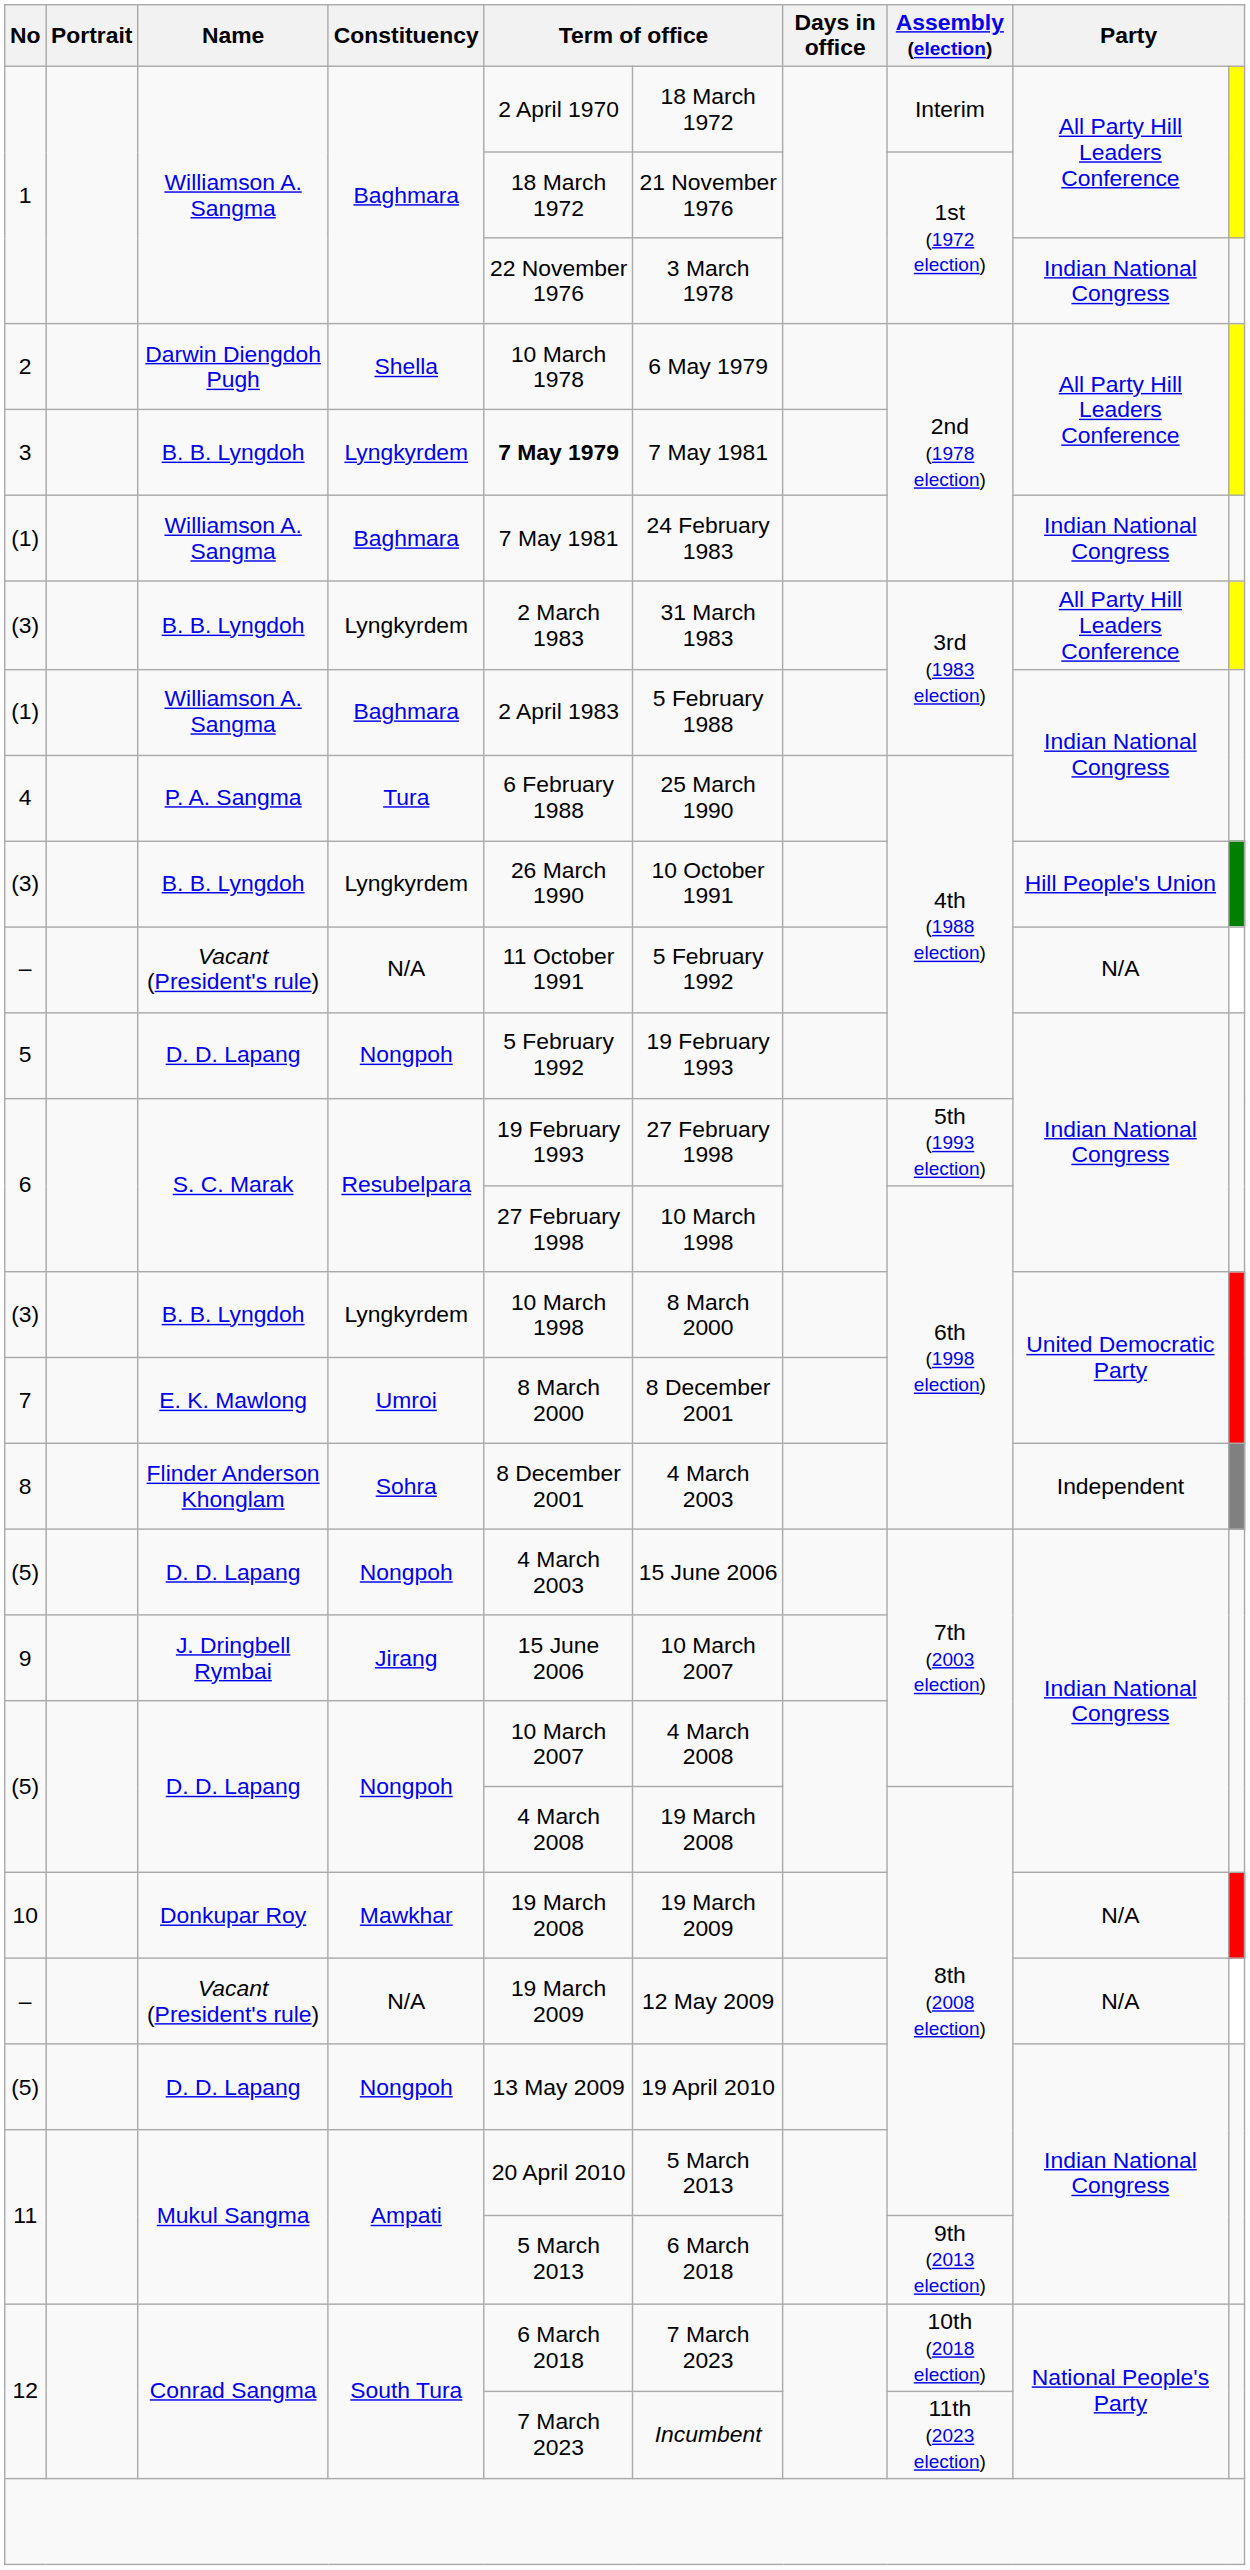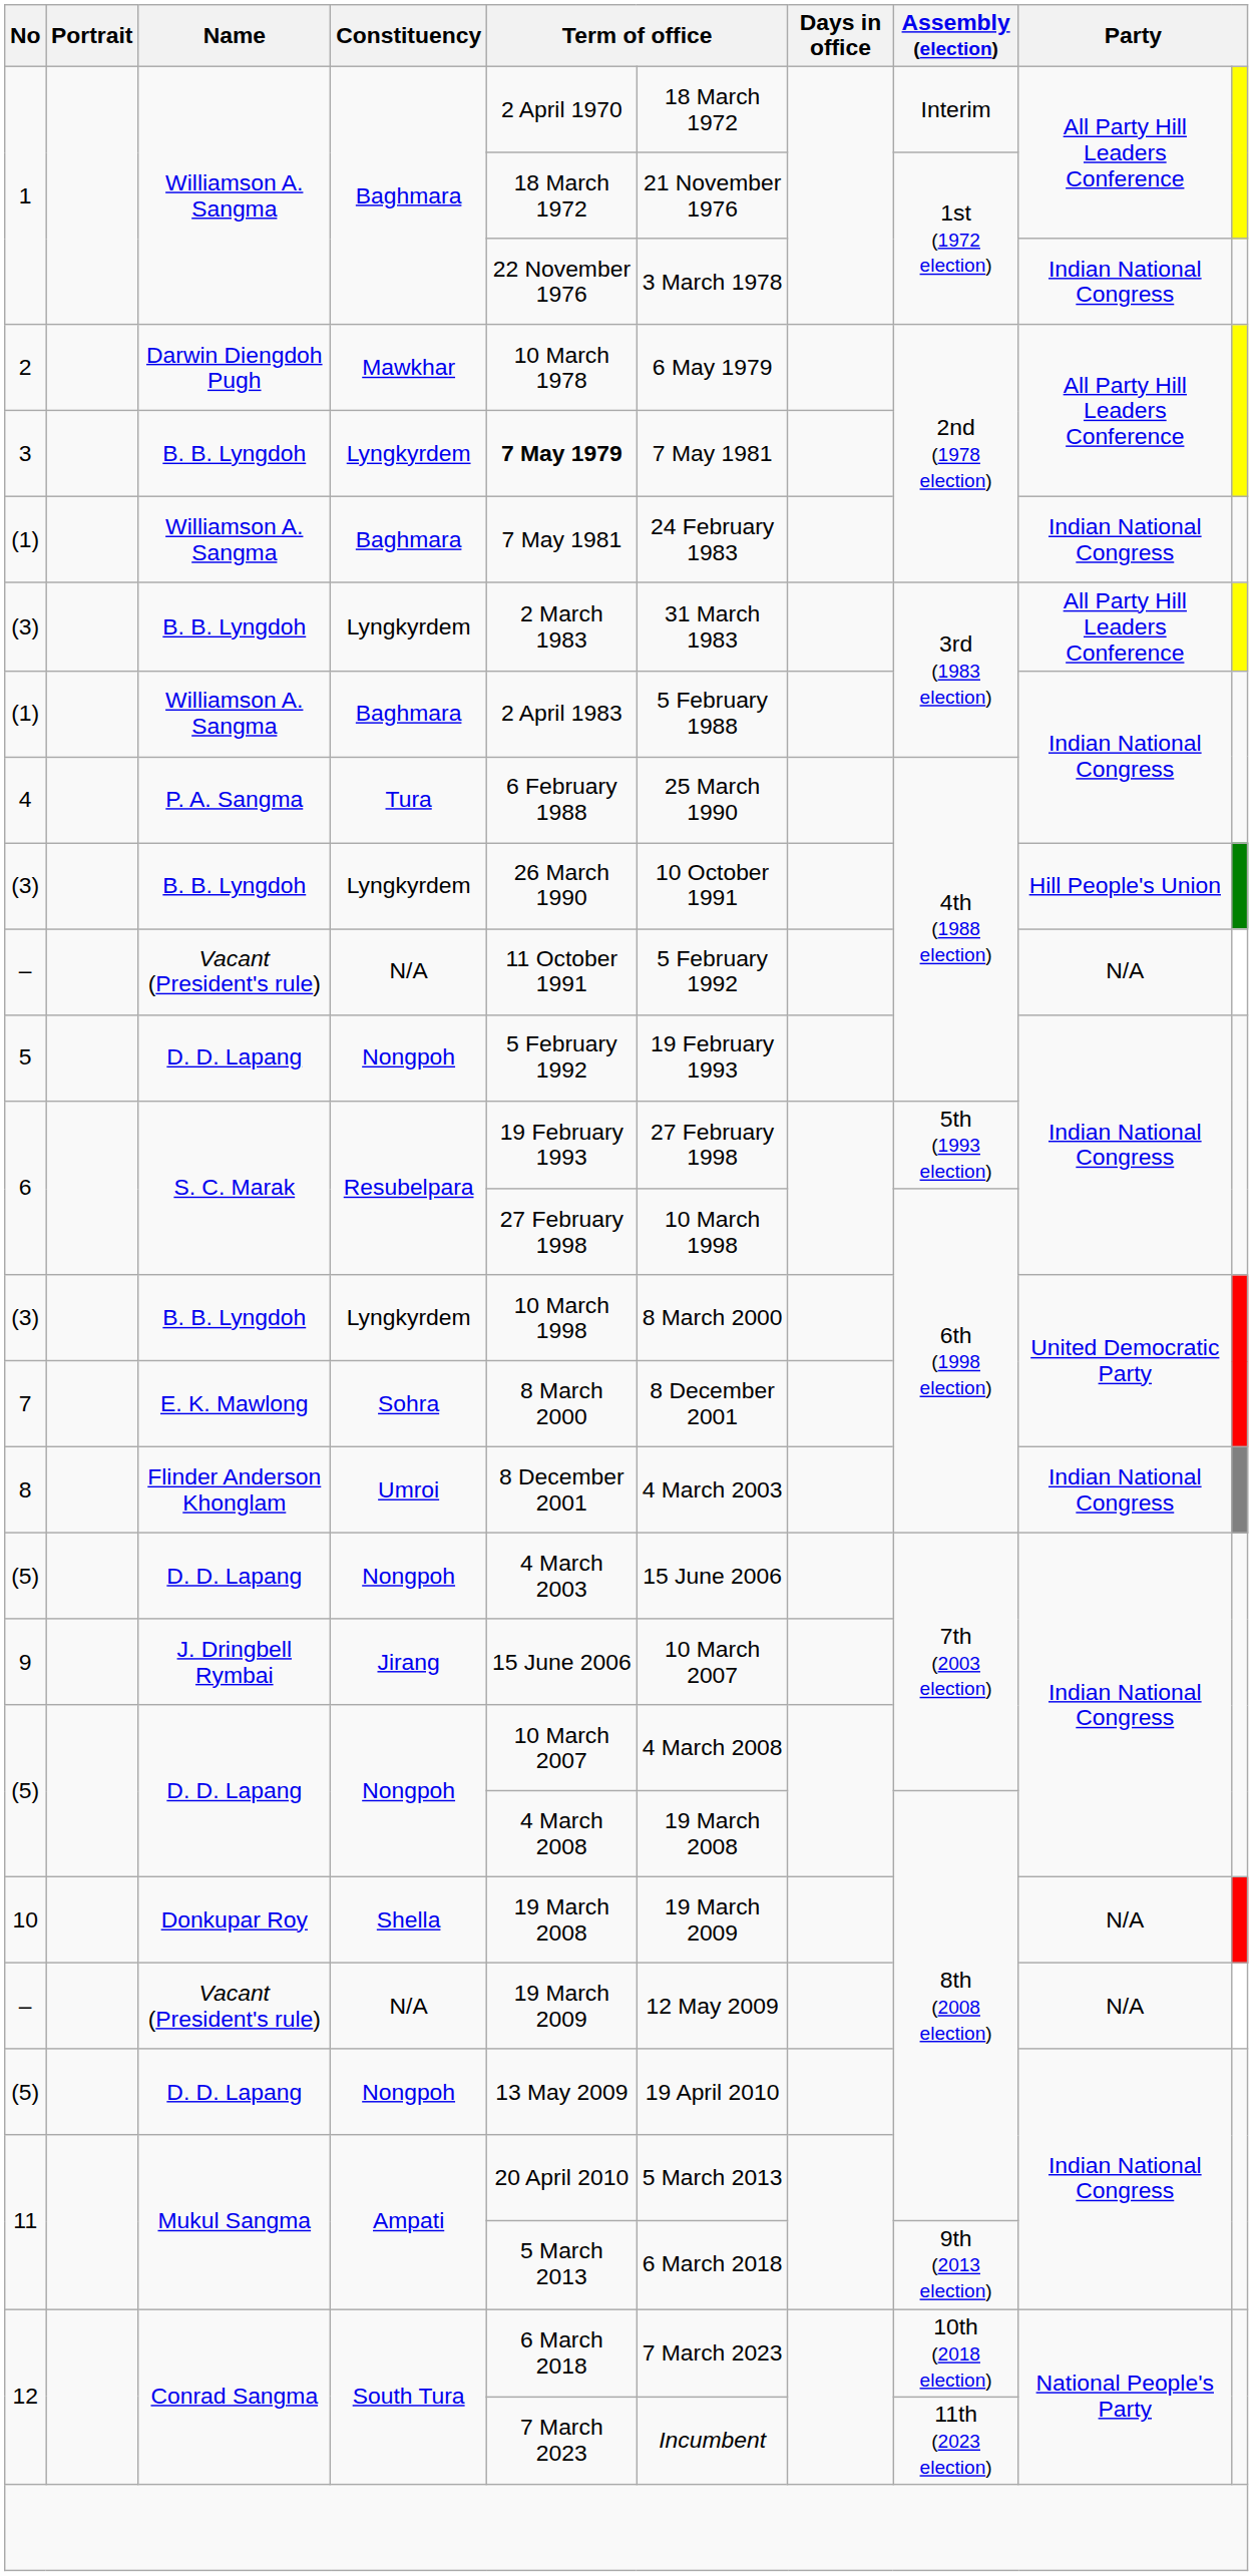 <table class="wikitable Sortable">
 <tr>
 <th>No</th>
 <th>Portrait</th>
 <th>Name</th>
 <th>Constituency</th>
 <th colspan=2>Term of office</th>
 <th>Days in office</th>
 <th><a href='#'>Assembly</a><br><small>(<a href='#'>election</a>)</small></th>
 <th colspan="2">Party</th>
 </tr>
 <tr style="text-align:center; height:60px;">
 <td rowspan="3">1</td>
 <td rowspan="3"></td>
 <td rowspan="3"><a href='#'>Williamson A. Sangma</a></td>
 <td rowspan="3"><a href='#'>Baghmara</a></td>
 <td>2 April 1970</td>
 <td>18 March 1972</td>
 <td rowspan="3"></td>
 <td>Interim</td>
 <td rowspan="2"><a href='#'>All Party Hill Leaders Conference</a></td>
 <td rowspan="2" width="4px" style="background-color: yellow"></td>
 </tr>
 <tr style="text-align:center; height:60px;">
 <td>18 March 1972</td>
 <td>21 November 1976</td>
 <td rowspan="2">1st<br><small>(<a href='#'>1972 election</a>)</small></td>
 </tr>
 <tr style="text-align:center; height:60px;">
 <td>22 November 1976</td>
 <td>3 March 1978</td>
 <td><a href='#'>Indian National Congress</a></td>
 <td width="4px" style="background-color: "></td>
 </tr>
 <tr style="text-align:center; height:60px;">
 <td>2</td>
 <td></td>
 <td><a href='#'>Darwin Diengdoh Pugh</a></td>
-<td><a href='#'>Shella</a></td>
+<td><a href='#'>Mawkhar</a></td>
 <td>10 March 1978</td>
 <td>6 May 1979</td>
 <td></td>
 <td rowspan="3">2nd<br><small>(<a href='#'>1978 election</a>)</small></td>
 <td rowspan="2"><a href='#'>All Party Hill Leaders Conference</a></td>
 <td rowspan="2" width="4px" style="background-color: yellow"></td>
 </tr>
 <tr style="text-align:center; height:60px;">
 <td>3</td>
 <td></td>
 <td><a href='#'>B. B. Lyngdoh</a></td>
 <td><a href='#'>Lyngkyrdem</a></td>
 <td><strong>7 May 1979</strong></td>
 <td>7 May 1981</td>
 <td></td>
 </tr>
 <tr style="text-align:center; height:60px;">
 <td>(1)</td>
 <td></td>
 <td><a href='#'>Williamson A. Sangma</a></td>
 <td><a href='#'>Baghmara</a></td>
 <td>7 May 1981</td>
 <td>24 February 1983</td>
 <td></td>
 <td><a href='#'>Indian National Congress</a></td>
 <td width="4px" style="background-color: "></td>
 </tr>
 <tr style="text-align:center; height:60px;">
 <td>(3)</td>
 <td></td>
 <td><a href='#'>B. B. Lyngdoh</a></td>
 <td>Lyngkyrdem</td>
 <td>2 March 1983</td>
 <td>31 March 1983</td>
 <td></td>
 <td rowspan="2">3rd<br><small>(<a href='#'>1983 election</a>)</small></td>
 <td><a href='#'>All Party Hill Leaders Conference</a></td>
 <td width="4px" style="background-color: yellow"></td>
 </tr>
 <tr style="text-align:center; height:60px;">
 <td>(1)</td>
 <td></td>
 <td><a href='#'>Williamson A. Sangma</a></td>
 <td><a href='#'>Baghmara</a></td>
 <td>2 April 1983</td>
 <td>5 February 1988</td>
 <td></td>
 <td rowspan=2><a href='#'>Indian National Congress</a></td>
 <td rowspan=2 width="4px" style="background-color: "></td>
 </tr>
 <tr style="text-align:center; height:60px;">
 <td>4</td>
 <td></td>
 <td><a href='#'>P. A. Sangma</a></td>
 <td><a href='#'>Tura</a></td>
 <td>6 February 1988</td>
 <td>25 March 1990</td>
 <td></td>
 <td rowspan="4">4th<br><small>(<a href='#'>1988 election</a>)</small></td>
 </tr>
 <tr style="text-align:center; height:60px;">
 <td>(3)</td>
 <td></td>
 <td><a href='#'>B. B. Lyngdoh</a></td>
 <td>Lyngkyrdem</td>
 <td>26 March 1990</td>
 <td>10 October 1991</td>
 <td></td>
 <td><a href='#'>Hill People's Union</a></td>
 <td width="4px" style="background-color: green"></td>
 </tr>
 <tr style="text-align:center; height:60px;">
 <td>–</td>
 <td></td>
 <td><em>Vacant</em><br>(<a href='#'>President's rule</a>)</td>
 <td>N/A</td>
 <td>11 October 1991</td>
 <td>5 February 1992</td>
 <td></td>
 <td>N/A</td>
 <td width="4px" style="background-color: white"></td>
 </tr>
 <tr style="text-align:center; height:60px;">
 <td>5</td>
 <td></td>
 <td><a href='#'>D. D. Lapang</a></td>
 <td><a href='#'>Nongpoh</a></td>
 <td>5 February 1992</td>
 <td>19 February 1993</td>
 <td></td>
 <td rowspan=3><a href='#'>Indian National Congress</a></td>
 <td rowspan=3 width="4px" style="background-color: "></td>
 </tr>
 <tr style="text-align:center; height:60px;">
 <td rowspan=2>6</td>
 <td rowspan="2"></td>
 <td rowspan=2><a href='#'>S. C. Marak</a></td>
 <td rowspan=2><a href='#'>Resubelpara</a></td>
 <td>19 February 1993</td>
 <td>27 February 1998</td>
 <td rowspan="2"></td>
 <td>5th<br><small>(<a href='#'>1993 election</a>)</small></td>
 </tr>
 <tr style="text-align:center; height:60px;">
 <td>27 February 1998</td>
 <td>10 March 1998</td>
 <td rowspan="4">6th<br><small>(<a href='#'>1998 election</a>)</small></td>
 </tr>
 <tr align=center style="height: 60px;">
 <td>(3)</td>
 <td></td>
 <td><a href='#'>B. B. Lyngdoh</a></td>
 <td>Lyngkyrdem</td>
 <td>10 March 1998</td>
 <td>8 March 2000</td>
 <td></td>
 <td rowspan=2><a href='#'>United Democratic Party</a></td>
 <td rowspan=2 width="4px" style="background-color: red"></td>
 </tr>
 <tr align=center style="height: 60px;">
 <td>7</td>
 <td></td>
 <td><a href='#'>E. K. Mawlong</a></td>
-<td><a href='#'>Umroi</a></td>
+<td><a href='#'>Sohra</a></td>
 <td>8 March 2000</td>
 <td>8 December 2001</td>
 <td></td>
 </tr>
 <tr style="text-align:center; height:60px;">
 <td>8</td>
 <td></td>
 <td><a href='#'>Flinder Anderson Khonglam</a></td>
-<td><a href='#'>Sohra</a></td>
+<td><a href='#'>Umroi</a></td>
 <td>8 December 2001</td>
 <td>4 March 2003</td>
 <td></td>
-<td>Independent</td>
+<td><a href='#'>Indian National Congress</a></td>
 <td width="4px" style="background-color: grey"></td>
 </tr>
 <tr style="text-align:center; height:60px;">
 <td>(5)</td>
 <td></td>
 <td><a href='#'>D. D. Lapang</a></td>
 <td><a href='#'>Nongpoh</a></td>
 <td>4 March 2003</td>
 <td>15 June 2006</td>
 <td></td>
 <td rowspan="3">7th<br><small>(<a href='#'>2003 election</a>)</small></td>
 <td rowspan="4"><a href='#'>Indian National Congress</a></td>
 <td rowspan="4" width="4px" style="background-color: "></td>
 </tr>
 <tr style="text-align:center; height:60px;">
 <td>9</td>
 <td></td>
 <td><a href='#'>J. Dringbell Rymbai</a></td>
 <td><a href='#'>Jirang</a></td>
 <td>15 June 2006</td>
 <td>10 March 2007</td>
 <td></td>
 </tr>
 <tr style="text-align:center; height:60px;">
 <td rowspan=2>(5)</td>
 <td rowspan="2"></td>
 <td rowspan=2><a href='#'>D. D. Lapang</a></td>
 <td rowspan=2><a href='#'>Nongpoh</a></td>
 <td>10 March 2007</td>
 <td>4 March 2008</td>
 <td rowspan="2"></td>
 </tr>
 <tr style="text-align:center; height:60px;">
 <td>4 March 2008</td>
 <td>19 March 2008</td>
 <td rowspan="5">8th<br><small>(<a href='#'>2008 election</a>)</small></td>
 </tr>
 <tr align=center style="height: 60px;">
 <td>10</td>
 <td></td>
 <td><a href='#'>Donkupar Roy</a></td>
-<td><a href='#'>Mawkhar</a></td>
+<td><a href='#'>Shella</a></td>
 <td>19 March 2008</td>
 <td>19 March 2009</td>
 <td></td>
 <td>N/A</td>
 <td width="4px" style="background-color: red"></td>
 </tr>
 <tr style="text-align:center; height:60px;">
 <td>–</td>
 <td></td>
 <td><em>Vacant</em><br>(<a href='#'>President's rule</a>)</td>
 <td>N/A</td>
 <td>19 March 2009</td>
 <td>12 May 2009</td>
 <td></td>
 <td>N/A</td>
 <td width="4px" style="background-color: white"></td>
 </tr>
 <tr style="text-align:center; height:60px;">
 <td>(5)</td>
 <td></td>
 <td><a href='#'>D. D. Lapang</a></td>
 <td><a href='#'>Nongpoh</a></td>
 <td>13 May 2009</td>
 <td>19 April 2010</td>
 <td></td>
 <td rowspan=3><a href='#'>Indian National Congress</a></td>
 <td rowspan=3 width="4px" style="background-color: "></td>
 </tr>
 <tr style="text-align:center; height:60px;">
 <td rowspan=2>11</td>
 <td rowspan="2"></td>
 <td rowspan=2><a href='#'>Mukul Sangma</a></td>
 <td rowspan=2><a href='#'>Ampati</a></td>
 <td>20 April 2010</td>
 <td>5 March 2013</td>
 <td rowspan="2"></td>
 </tr>
 <tr style="text-align:center; height:60px;">
 <td>5 March 2013</td>
 <td>6 March 2018</td>
 <td>9th<br><small>(<a href='#'>2013 election</a>)</small></td>
 </tr>
 <tr style="text-align:center; height:60px;">
 <td rowspan=2>12</td>
 <td rowspan=2></td>
 <td rowspan=2><a href='#'>Conrad Sangma</a></td>
 <td rowspan=2><a href='#'>South Tura</a></td>
 <td>6 March 2018</td>
 <td>7 March 2023</td>
 <td rowspan=2></td>
 <td>10th<br><small>(<a href='#'>2018 election</a>)</small></td>
 <td rowspan=2><a href='#'>National People's Party</a></td>
 <td rowspan=2 width="4px" style="background-color: "></td>
 </tr>
 <tr style="text-align:center; height:60px;">
 <td>7 March 2023</td>
 <td><em>Incumbent</em></td>
 <td>11th<br><small>(<a href='#'>2023 election</a>)</small></td>
 </tr>
 <tr style="text-align:center; height:60px;">
 </tr>
 </table>
